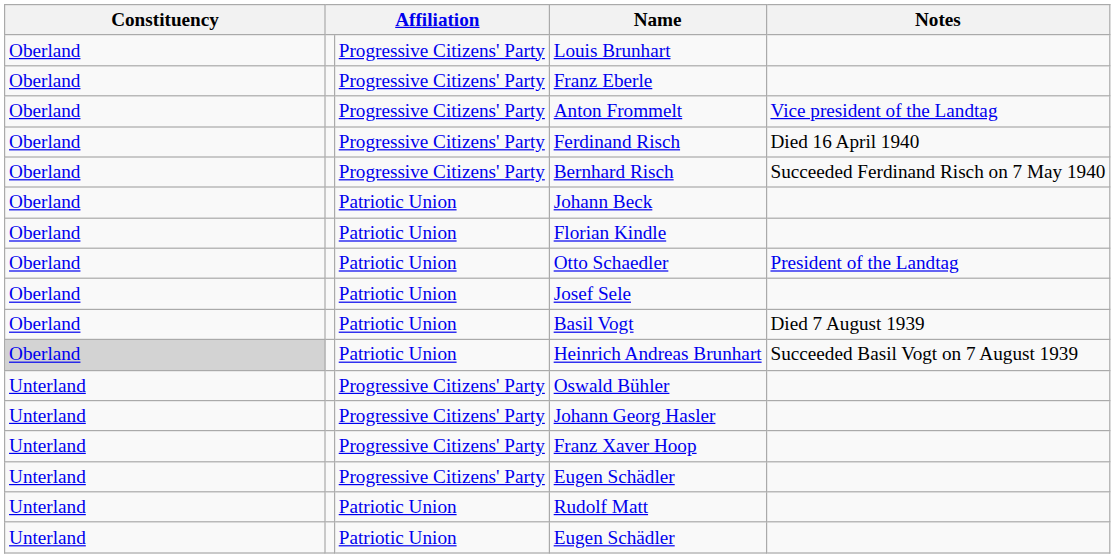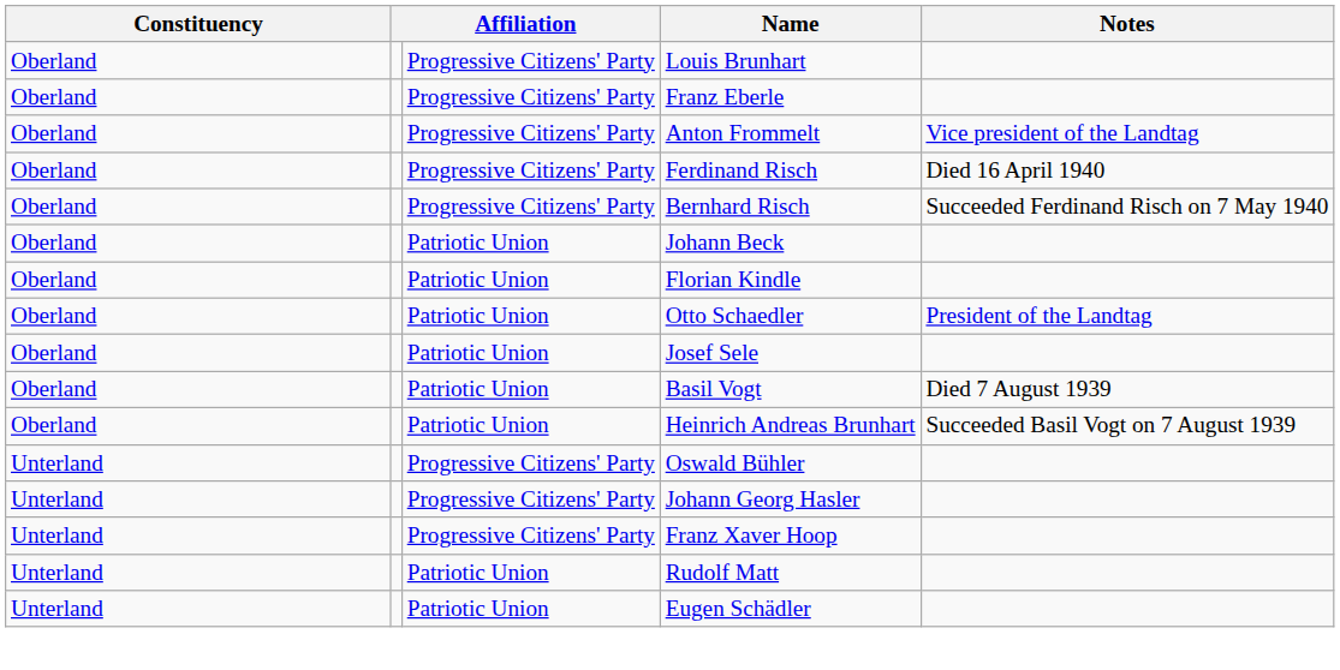 <table class="wikitable sortable" id="elected-mps">
 <tr>
 <th width="260px">Constituency</th>
 <th colspan="2"><a href='#'>Affiliation</a></th>
 <th>Name</th>
 <th>Notes</th>
 </tr>
 <tr>
 <td><a href='#'>Oberland</a></td>
 <td style="background-color: "></td>
 <td><a href='#'>Progressive Citizens' Party</a></td>
 <td><a href='#'>Louis Brunhart</a></td>
 <td></td>
 </tr>
 <tr>
 <td><a href='#'>Oberland</a></td>
 <td style="background-color: "></td>
 <td><a href='#'>Progressive Citizens' Party</a></td>
 <td><a href='#'>Franz Eberle</a></td>
 <td></td>
 </tr>
 <tr>
 <td><a href='#'>Oberland</a></td>
 <td style="background-color: "></td>
 <td><a href='#'>Progressive Citizens' Party</a></td>
 <td><a href='#'>Anton Frommelt</a></td>
 <td><a href='#'>Vice president of the Landtag</a></td>
 </tr>
 <tr>
 <td><a href='#'>Oberland</a></td>
 <td style="background-color: "></td>
 <td><a href='#'>Progressive Citizens' Party</a></td>
 <td><a href='#'>Ferdinand Risch</a></td>
 <td>Died 16 April 1940</td>
 </tr>
 <tr>
 <td><a href='#'>Oberland</a></td>
 <td style="background-color: "></td>
 <td><a href='#'>Progressive Citizens' Party</a></td>
 <td><a href='#'>Bernhard Risch</a></td>
 <td>Succeeded Ferdinand Risch on 7 May 1940</td>
 </tr>
 <tr>
 <td><a href='#'>Oberland</a></td>
 <td style="background-color: "></td>
 <td><a href='#'>Patriotic Union</a></td>
 <td><a href='#'>Johann Beck</a></td>
 <td></td>
 </tr>
 <tr>
 <td><a href='#'>Oberland</a></td>
 <td style="background-color: "></td>
 <td><a href='#'>Patriotic Union</a></td>
 <td><a href='#'>Florian Kindle</a></td>
 <td></td>
 </tr>
 <tr>
 <td><a href='#'>Oberland</a></td>
 <td style="background-color: "></td>
 <td><a href='#'>Patriotic Union</a></td>
 <td><a href='#'>Otto Schaedler</a></td>
 <td><a href='#'>President of the Landtag</a></td>
 </tr>
 <tr>
 <td><a href='#'>Oberland</a></td>
 <td style="background-color: "></td>
 <td><a href='#'>Patriotic Union</a></td>
 <td><a href='#'>Josef Sele</a></td>
 <td></td>
 </tr>
 <tr>
 <td><a href='#'>Oberland</a></td>
 <td style="background-color: "></td>
 <td><a href='#'>Patriotic Union</a></td>
 <td><a href='#'>Basil Vogt</a></td>
 <td>Died 7 August 1939</td>
 </tr>
 <tr>
-<td style="background: lightgrey;"><a href='#'>Oberland</a></td>
+<td><a href='#'>Oberland</a></td>
 <td style="background-color: "></td>
 <td><a href='#'>Patriotic Union</a></td>
 <td><a href='#'>Heinrich Andreas Brunhart</a></td>
 <td>Succeeded Basil Vogt on 7 August 1939</td>
 </tr>
 <tr>
 <td><a href='#'>Unterland</a></td>
 <td style="background-color: "></td>
 <td><a href='#'>Progressive Citizens' Party</a></td>
 <td><a href='#'>Oswald Bühler</a></td>
 <td></td>
 </tr>
 <tr>
 <td><a href='#'>Unterland</a></td>
 <td style="background-color: "></td>
 <td><a href='#'>Progressive Citizens' Party</a></td>
 <td><a href='#'>Johann Georg Hasler</a></td>
 <td></td>
 </tr>
 <tr>
 <td><a href='#'>Unterland</a></td>
 <td style="background-color: "></td>
 <td><a href='#'>Progressive Citizens' Party</a></td>
 <td><a href='#'>Franz Xaver Hoop</a></td>
 <td></td>
 </tr>
 <tr>
 <td><a href='#'>Unterland</a></td>
 <td style="background-color: "></td>
-<td><a href='#'>Progressive Citizens' Party</a></td>
-<td><a href='#'>Eugen Schädler</a></td>
-<td></td>
-</tr>
-<tr>
-<td><a href='#'>Unterland</a></td>
-<td style="background-color: "></td>
 <td><a href='#'>Patriotic Union</a></td>
 <td><a href='#'>Rudolf Matt</a></td>
 <td></td>
 </tr>
 <tr>
 <td><a href='#'>Unterland</a></td>
 <td style="background-color: "></td>
 <td><a href='#'>Patriotic Union</a></td>
 <td><a href='#'>Eugen Schädler</a></td>
 <td></td>
 </tr>
 </table>
